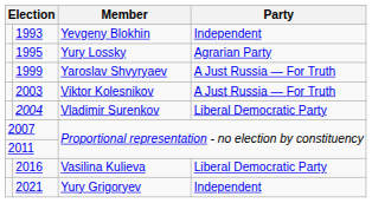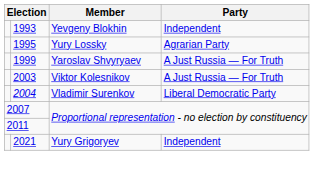 <table class="wikitable">
 <tr>
 <th colspan="2">Election</th>
 <th>Member</th>
 <th>Party</th>
 </tr>
 <tr>
 <td style="background-color:"></td>
 <td><a href='#'>1993</a></td>
 <td><a href='#'>Yevgeny Blokhin</a></td>
 <td><a href='#'>Independent</a></td>
 </tr>
 <tr>
 <td style="background-color:"></td>
 <td><a href='#'>1995</a></td>
 <td><a href='#'>Yury Lossky</a></td>
 <td><a href='#'>Agrarian Party</a></td>
 </tr>
 <tr>
 <td style="background-color:"></td>
 <td><a href='#'>1999</a></td>
 <td><a href='#'>Yaroslav Shvyryaev</a></td>
 <td><a href='#'>A Just Russia — For Truth</a></td>
 </tr>
 <tr>
 <td style="background-color:"></td>
 <td><a href='#'>2003</a></td>
 <td><a href='#'>Viktor Kolesnikov</a></td>
 <td><a href='#'>A Just Russia — For Truth</a></td>
 </tr>
 <tr>
 <td style="background-color:"></td>
 <td><em><a href='#'>2004</a></em></td>
 <td><a href='#'>Vladimir Surenkov</a></td>
 <td><a href='#'>Liberal Democratic Party</a></td>
 </tr>
 <tr>
 <td colspan=2><a href='#'>2007</a></td>
 <td colspan=2 rowspan=2><em><a href='#'>Proportional representation</a> - no election by constituency</em></td>
 </tr>
 <tr>
 <td colspan=2><a href='#'>2011</a></td>
 </tr>
 <tr>
 <td style="background-color:"></td>
-<td><a href='#'>2016</a></td>
-<td><a href='#'>Vasilina Kulieva</a></td>
-<td><a href='#'>Liberal Democratic Party</a></td>
-</tr>
-<tr>
-<td style="background-color:"></td>
 <td><a href='#'>2021</a></td>
 <td><a href='#'>Yury Grigoryev</a></td>
 <td><a href='#'>Independent</a></td>
 </tr>
 </table>
